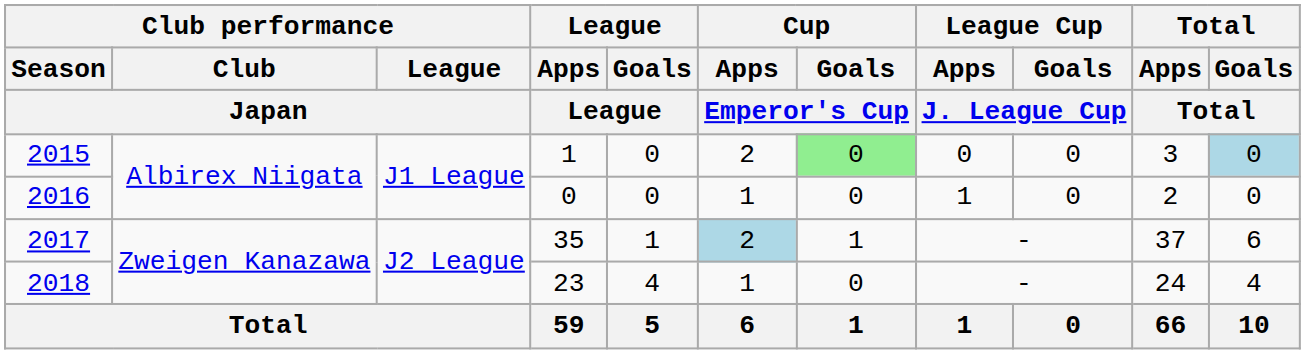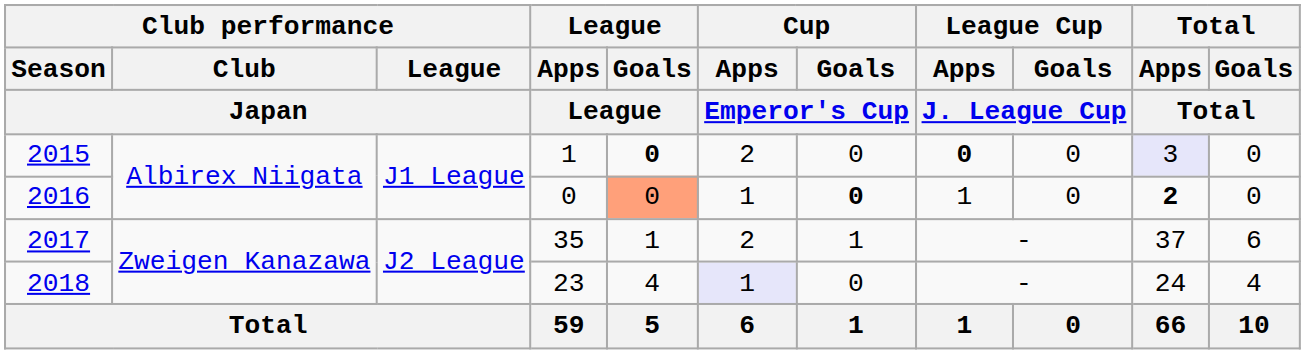 <table class="wikitable" style="text-align:center;">
 <tr>
 <th colspan=3>Club performance</th>
 <th colspan=2>League</th>
 <th colspan=2>Cup</th>
 <th colspan=2>League Cup</th>
 <th colspan=2>Total</th>
 </tr>
 <tr>
 <th>Season</th>
 <th>Club</th>
 <th>League</th>
 <th>Apps</th>
 <th>Goals</th>
 <th>Apps</th>
 <th>Goals</th>
 <th>Apps</th>
 <th>Goals</th>
 <th>Apps</th>
 <th>Goals</th>
 </tr>
 <tr>
 <th colspan=3>Japan</th>
 <th colspan=2>League</th>
 <th colspan=2><a href='#'>Emperor's Cup</a></th>
 <th colspan=2><a href='#'>J. League Cup</a></th>
 <th colspan=2>Total</th>
 </tr>
 <tr>
 <td><a href='#'>2015</a></td>
 <td rowspan="2"><a href='#'>Albirex Niigata</a></td>
 <td rowspan="2"><a href='#'>J1 League</a></td>
 <td>1</td>
+<td><strong>0</strong></td>
+<td>2</td>
 <td>0</td>
-<td>2</td>
-<td style="background: lightgreen;">0</td>
+<td><strong>0</strong></td>
 <td>0</td>
+<td style="background: lavender;">3</td>
 <td>0</td>
-<td>3</td>
-<td style="background: lightblue;">0</td>
 </tr>
 <tr>
 <td><a href='#'>2016</a></td>
 <td>0</td>
-<td>0</td>
+<td style="background: lightsalmon;">0</td>
+<td>1</td>
+<td><strong>0</strong></td>
 <td>1</td>
 <td>0</td>
-<td>1</td>
-<td>0</td>
-<td>2</td>
+<td><strong>2</strong></td>
 <td>0</td>
 </tr>
 <tr>
 <td><a href='#'>2017</a></td>
 <td rowspan="2"><a href='#'>Zweigen Kanazawa</a></td>
 <td rowspan="2"><a href='#'>J2 League</a></td>
 <td>35</td>
 <td>1</td>
-<td style="background: lightblue;">2</td>
+<td>2</td>
 <td>1</td>
 <td colspan=2>-</td>
 <td>37</td>
 <td>6</td>
 </tr>
 <tr>
 <td><a href='#'>2018</a></td>
 <td>23</td>
 <td>4</td>
-<td>1</td>
+<td style="background: lavender;">1</td>
 <td>0</td>
 <td colspan=2>-</td>
 <td>24</td>
 <td>4</td>
 </tr>
 <tr>
 <th colspan=3>Total</th>
 <th>59</th>
 <th>5</th>
 <th>6</th>
 <th>1</th>
 <th>1</th>
 <th>0</th>
 <th>66</th>
 <th>10</th>
 </tr>
 </table>
